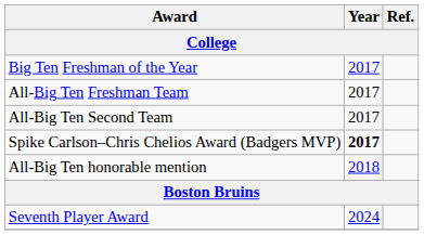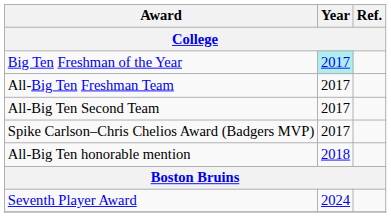 <table class="wikitable">
 <tr>
 <th>Award</th>
 <th>Year</th>
 <th>Ref.</th>
 </tr>
 <tr>
 <th colspan="3"><a href='#'>College</a></th>
 </tr>
 <tr>
 <td><a href='#'>Big Ten</a> <a href='#'>Freshman of the Year</a></td>
-<td><a href='#'>2017</a></td>
+<td style="background: paleturquoise;"><a href='#'>2017</a></td>
 <td></td>
 </tr>
 <tr>
 <td>All-<a href='#'>Big Ten</a> <a href='#'>Freshman Team</a></td>
 <td>2017</td>
 <td></td>
 </tr>
 <tr>
 <td>All-Big Ten Second Team</td>
 <td>2017</td>
 <td></td>
 </tr>
 <tr>
 <td>Spike Carlson–Chris Chelios Award (Badgers MVP)</td>
-<td><strong>2017</strong></td>
+<td>2017</td>
 <td></td>
 </tr>
 <tr>
 <td>All-Big Ten honorable mention</td>
 <td><a href='#'>2018</a></td>
 <td></td>
 </tr>
 <tr>
 <th colspan="3"><a href='#'>Boston Bruins</a></th>
 </tr>
 <tr>
 <td><a href='#'>Seventh Player Award</a></td>
 <td><a href='#'>2024</a></td>
 <td></td>
 </tr>
 <tr>
 </tr>
 </table>
